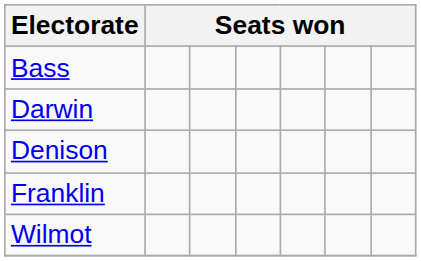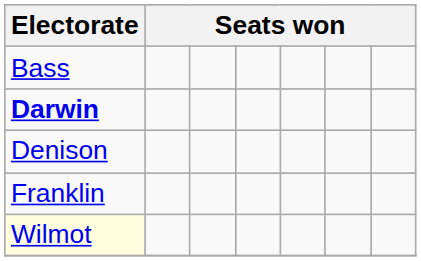 <table class="wikitable">
 <tr>
 <th>Electorate</th>
 <th colspan=7>Seats won</th>
 </tr>
 <tr>
 <td><a href='#'>Bass</a></td>
 <td width=20 > </td>
 <td width=20 > </td>
 <td width=20 > </td>
 <td width=20 > </td>
 <td width=20 > </td>
 <td width=20 > </td>
 </tr>
 <tr>
-<td><a href='#'>Darwin</a></td>
+<td><strong><a href='#'>Darwin</a></strong></td>
 <td> </td>
 <td> </td>
 <td> </td>
 <td> </td>
 <td> </td>
 <td> </td>
 </tr>
 <tr>
 <td><a href='#'>Denison</a></td>
 <td> </td>
 <td> </td>
 <td> </td>
 <td> </td>
 <td> </td>
 <td> </td>
 </tr>
 <tr>
 <td><a href='#'>Franklin</a></td>
 <td> </td>
 <td> </td>
 <td> </td>
 <td> </td>
 <td> </td>
 <td> </td>
 </tr>
 <tr>
-<td><a href='#'>Wilmot</a></td>
+<td style="background: lightyellow;"><a href='#'>Wilmot</a></td>
 <td> </td>
 <td> </td>
 <td> </td>
 <td> </td>
 <td> </td>
 <td> </td>
 </tr>
 <tr>
 </tr>
 </table>
